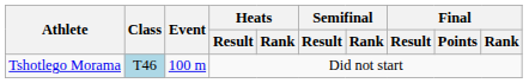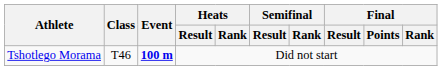 <table class=wikitable style="font-size:90%">
 <tr>
 <th rowspan="2">Athlete</th>
 <th rowspan="2">Class</th>
 <th rowspan="2">Event</th>
 <th colspan="2">Heats</th>
 <th colspan="2">Semifinal</th>
 <th colspan="3">Final</th>
 </tr>
 <tr>
 <th>Result</th>
 <th>Rank</th>
 <th>Result</th>
 <th>Rank</th>
 <th>Result</th>
 <th>Points</th>
 <th>Rank</th>
 </tr>
 <tr>
 <td><a href='#'>Tshotlego Morama</a></td>
-<td align="center" style="background: lightblue;">T46</td>
-<td><a href='#'>100 m</a></td>
+<td align="center">T46</td>
+<td><strong><a href='#'>100 m</a></strong></td>
 <td align="center" colspan="7">Did not start</td>
 </tr>
 </table>
